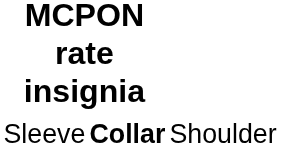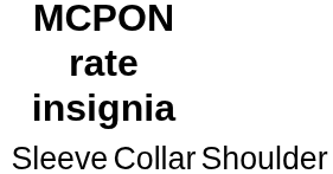 <table width="100px" border="0" cellpadding="0" class="toccolours" style="font-size: 80%; float:right;">
 <tr>
 <td colspan="2" style="text-align:center;"><big><strong>MCPON rate insignia</strong></big></td>
 </tr>
 <tr>
 <td></td>
 <td></td>
 <td></td>
 </tr>
 <tr align="center">
 <td>Sleeve</td>
-<td><strong>Collar</strong></td>
+<td>Collar</td>
 <td>Shoulder</td>
 </tr>
 </table>
